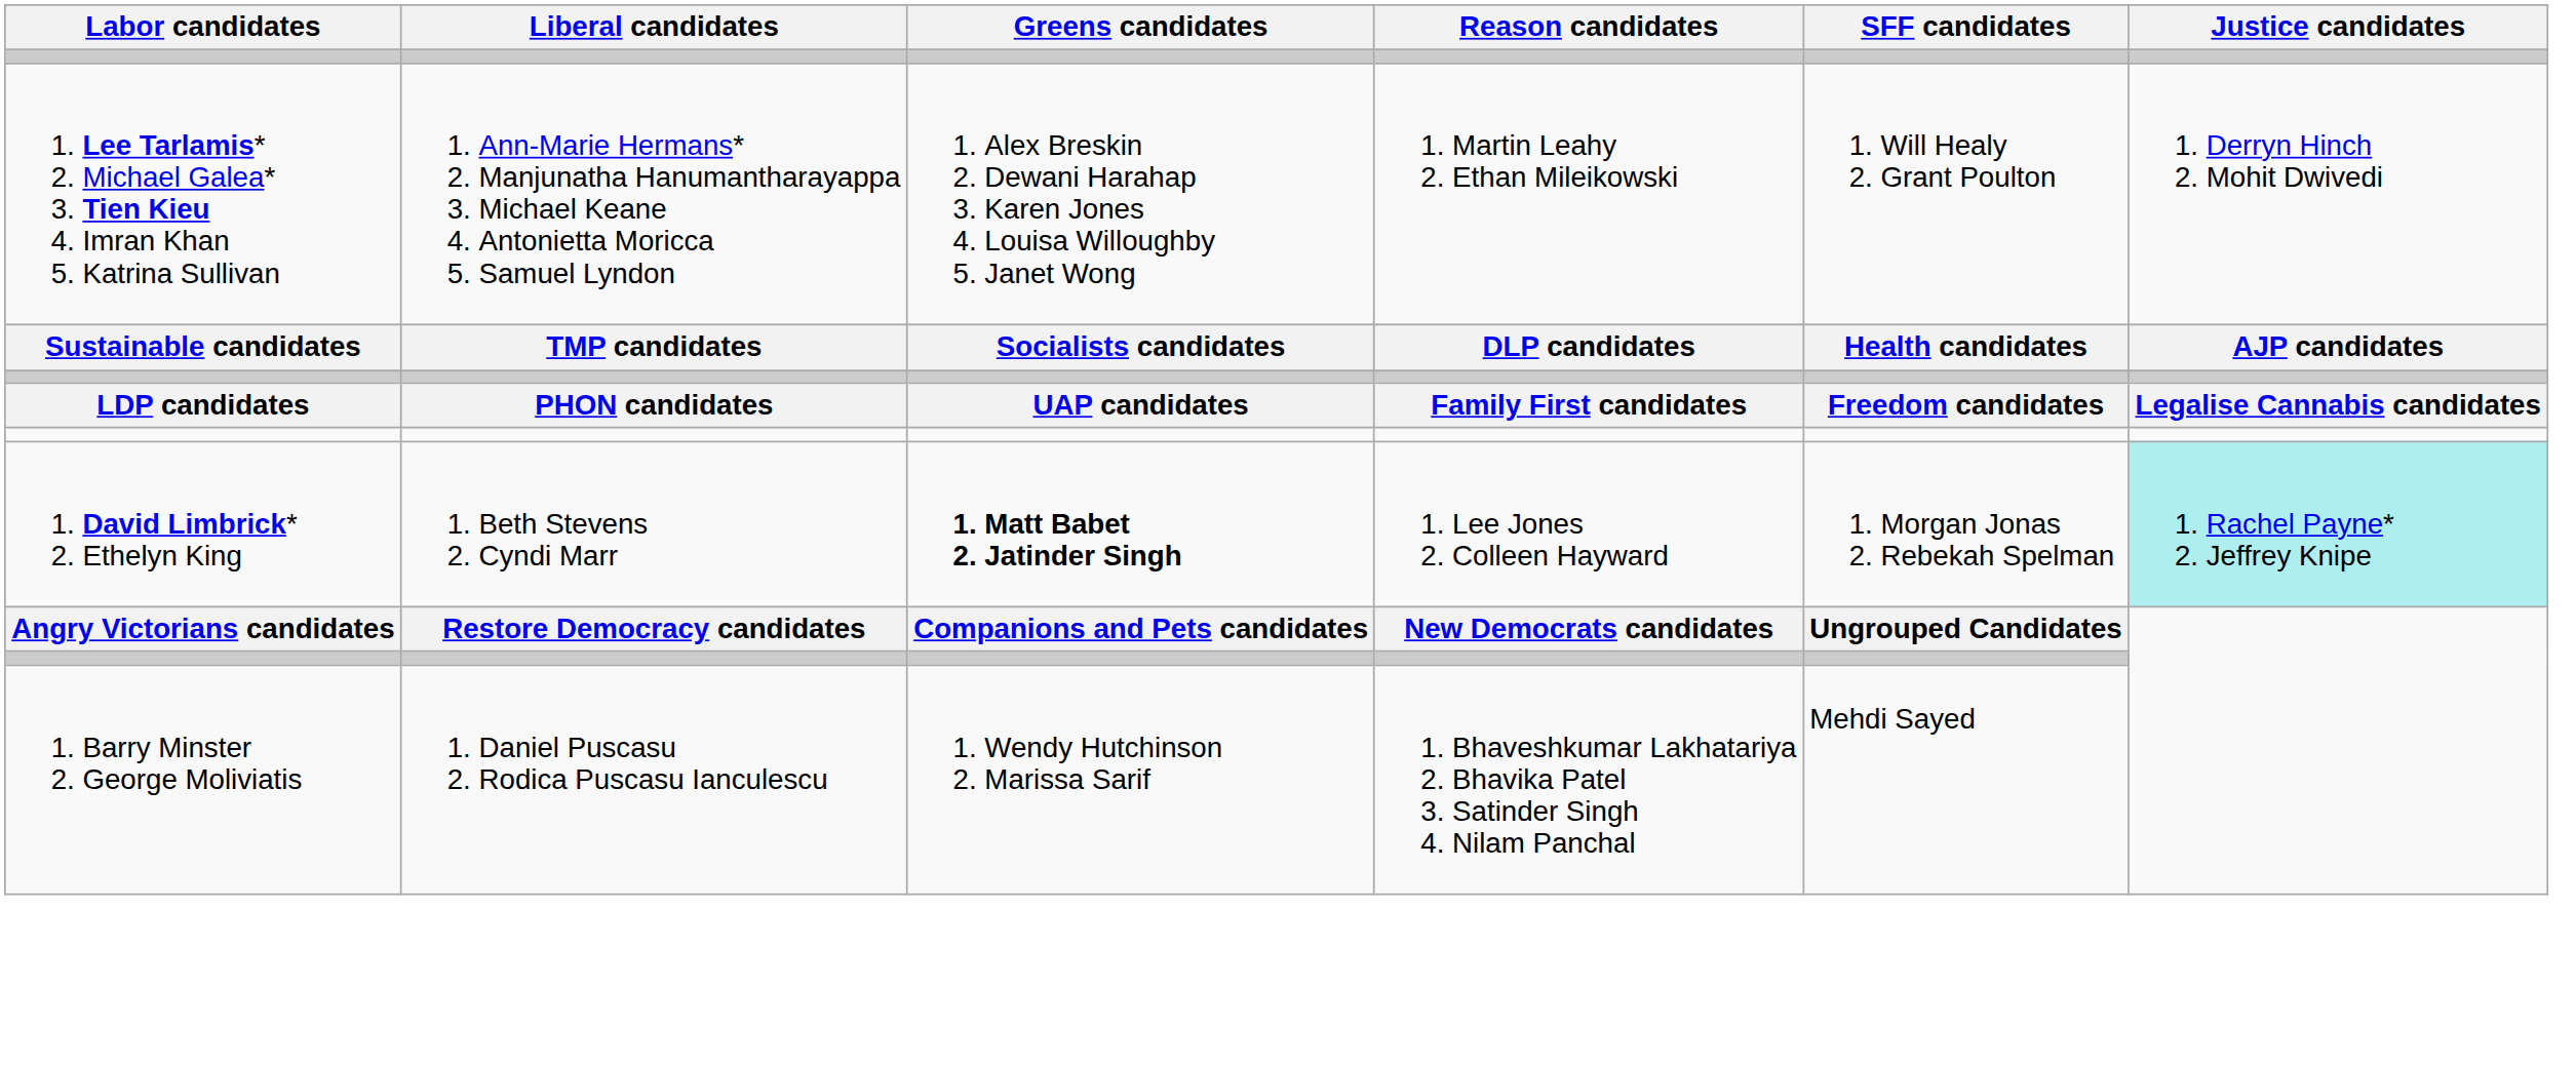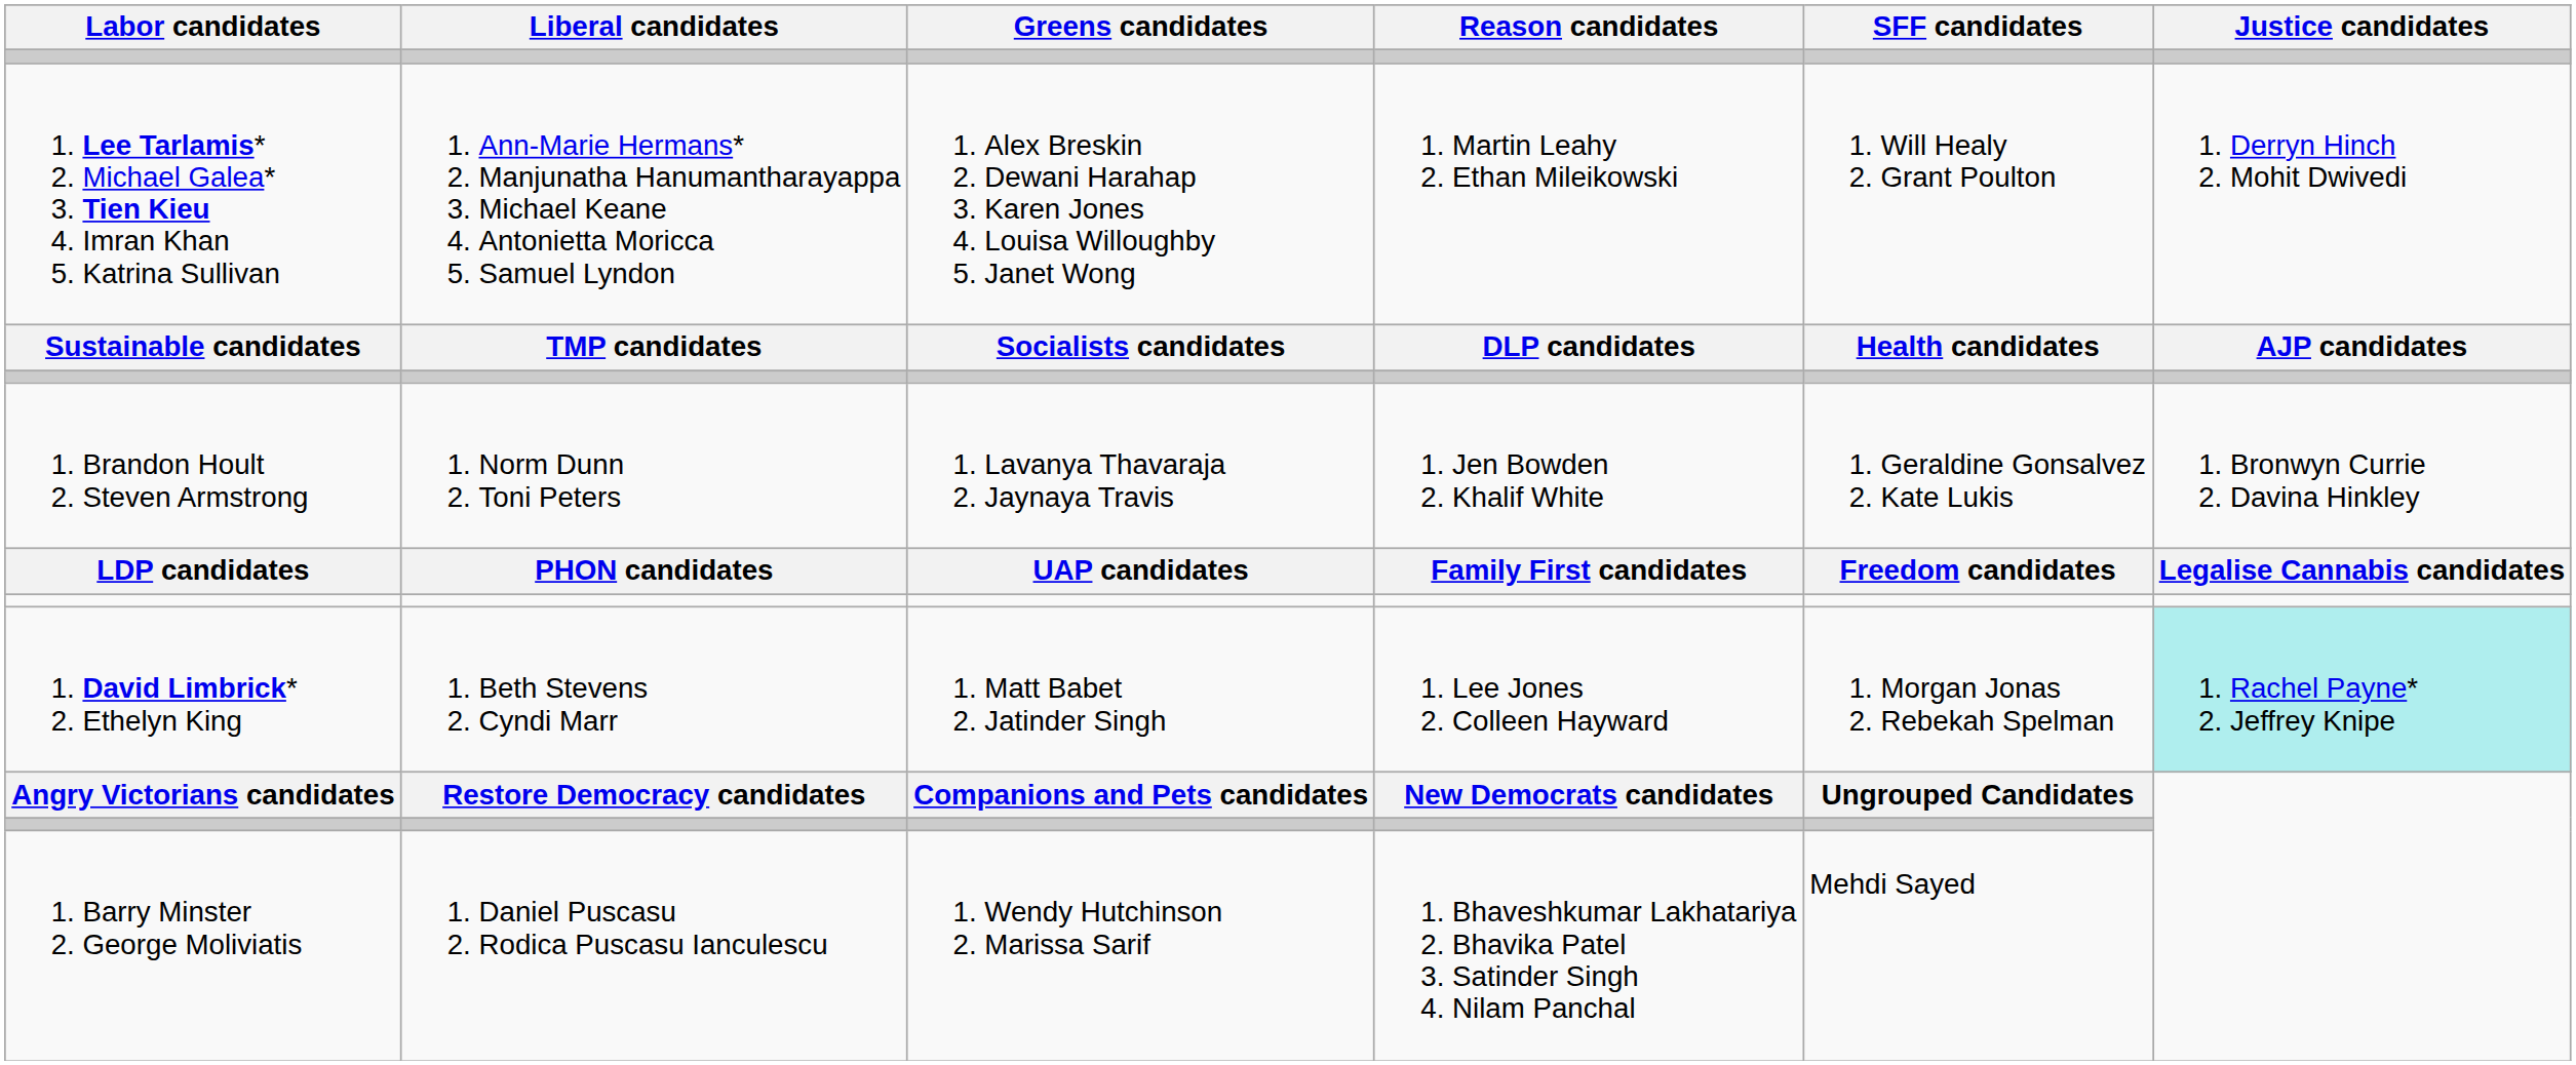 <table class="wikitable";>
 <tr>
 <th><a href='#'>Labor</a> candidates</th>
 <th><a href='#'>Liberal</a> candidates</th>
 <th><a href='#'>Greens</a> candidates</th>
 <th><a href='#'>Reason</a> candidates</th>
 <th><a href='#'>SFF</a> candidates</th>
 <th><a href='#'>Justice</a> candidates</th>
 </tr>
 <tr style="background:#ccc;">
 <td></td>
 <td></td>
 <td></td>
 <td></td>
 <td></td>
 <td></td>
 </tr>
 <tr>
 <td><br><ol><li><strong><a href='#'>Lee Tarlamis</a></strong>*</li><li><a href='#'>Michael Galea</a>*</li><li><strong><a href='#'>Tien Kieu</a></strong></li><li>Imran Khan</li><li>Katrina Sullivan</li></ol></td>
 <td><br><ol><li><a href='#'>Ann-Marie Hermans</a>*</li><li>Manjunatha Hanumantharayappa</li><li>Michael Keane</li><li>Antonietta Moricca</li><li>Samuel Lyndon</li></ol></td>
 <td valign=top style=max-width:15em><br><ol><li>Alex Breskin</li><li>Dewani Harahap</li><li>Karen Jones</li><li>Louisa Willoughby</li><li>Janet Wong</li></ol></td>
 <td valign=top style=max-width:15em><br><ol><li>Martin Leahy</li><li>Ethan Mileikowski</li></ol></td>
 <td valign=top style=max-width:15em><br><ol><li>Will Healy</li><li>Grant Poulton</li></ol></td>
 <td valign=top style=max-width:15em><br><ol><li><a href='#'>Derryn Hinch</a></li><li>Mohit Dwivedi</li></ol></td>
 </tr>
 <tr style="background:#ccc;">
 <th><a href='#'>Sustainable</a> candidates</th>
 <th><a href='#'>TMP</a> candidates</th>
 <th><a href='#'>Socialists</a> candidates</th>
 <th><a href='#'>DLP</a> candidates</th>
 <th><a href='#'>Health</a> candidates</th>
 <th><a href='#'>AJP</a> candidates</th>
 </tr>
 <tr style="background:#ccc;">
 <td></td>
 <td></td>
 <td></td>
 <td></td>
 <td></td>
 <td></td>
 </tr>
+<tr>
+<td valign=top style=max-width:15em><br><ol><li>Brandon Hoult</li><li>Steven Armstrong</li></ol></td>
+<td valign=top style=max-width:15em><br><ol><li>Norm Dunn</li><li>Toni Peters</li></ol></td>
+<td valign=top style=max-width:15em><br><ol><li>Lavanya Thavaraja</li><li>Jaynaya Travis</li></ol></td>
+<td valign=top><br><ol><li>Jen Bowden</li><li>Khalif White</li></ol></td>
+<td valign=top style=max-width:15em><br><ol><li>Geraldine Gonsalvez</li><li>Kate Lukis</li></ol></td>
+<td valign=top style=max-width:15em><br><ol><li>Bronwyn Currie</li><li>Davina Hinkley</li></ol></td>
+</tr>
 <tr style="background:#ccc;">
 <th><a href='#'>LDP</a> candidates</th>
 <th><a href='#'>PHON</a> candidates</th>
 <th><a href='#'>UAP</a> candidates</th>
 <th><a href='#'>Family First</a> candidates</th>
 <th><a href='#'>Freedom</a> candidates</th>
 <th><a href='#'>Legalise Cannabis</a> candidates</th>
 </tr>
 <tr>
 <td></td>
 <td></td>
 <td></td>
 <td></td>
 <td></td>
 <td></td>
 </tr>
 <tr>
 <td><br><ol><li><strong><a href='#'>David Limbrick</a></strong>*</li><li>Ethelyn King</li></ol></td>
 <td valign=top style=max-width:15em><br><ol><li>Beth Stevens</li><li>Cyndi Marr</li></ol></td>
-<td valign=top style=max-width:15em><strong><br><ol><li>Matt Babet</li><li>Jatinder Singh</li></ol></strong></td>
+<td valign=top style=max-width:15em><br><ol><li>Matt Babet</li><li>Jatinder Singh</li></ol></td>
 <td valign=top style=max-width:15em><br><ol><li>Lee Jones</li><li>Colleen Hayward</li></ol></td>
 <td valign=top style=max-width:15em><br><ol><li>Morgan Jonas</li><li>Rebekah Spelman</li></ol></td>
 <td style="background: paleturquoise;"><br><ol><li><a href='#'>Rachel Payne</a>*</li><li>Jeffrey Knipe</li></ol></td>
 </tr>
 <tr style="background:#ccc;">
 <th><a href='#'>Angry Victorians</a> candidates</th>
 <th><a href='#'>Restore Democracy</a> candidates</th>
 <th><a href='#'>Companions and Pets</a> candidates</th>
 <th><a href='#'>New Democrats</a> candidates</th>
 <th>Ungrouped Candidates</th>
 </tr>
 <tr style=background:#ccc>
 <td></td>
 <td></td>
 <td></td>
 <td></td>
 <td></td>
 </tr>
 <tr>
 <td valign=top style=max-width:15em><br><ol><li>Barry Minster</li><li>George Moliviatis</li></ol></td>
 <td valign=top style=max-width:15em><br><ol><li>Daniel Puscasu</li><li>Rodica Puscasu Ianculescu</li></ol></td>
 <td valign=top style=max-width:15em><br><ol><li>Wendy Hutchinson</li><li>Marissa Sarif</li></ol></td>
 <td valign=top style=max-width:15em><br><ol><li>Bhaveshkumar Lakhatariya</li><li>Bhavika Patel</li><li>Satinder Singh</li><li>Nilam Panchal</li></ol></td>
 <td valign=top style=max-width:15em><br>Mehdi Sayed</td>
 </tr>
 </table>
